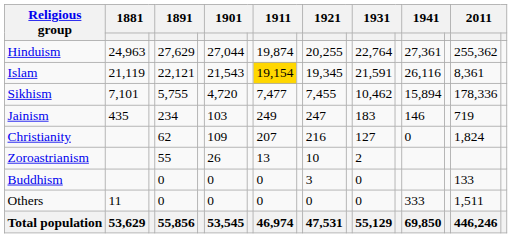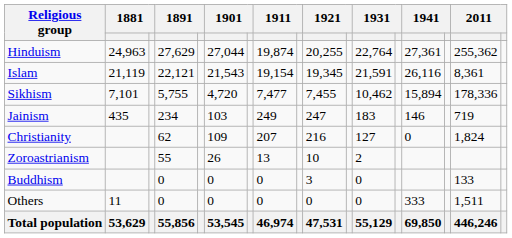 <table class="wikitable collapsible sortable">
 <tr>
 <th rowspan="2"><a href='#'>Religious</a><br>group</th>
 <th colspan="2">1881</th>
 <th colspan="2">1891</th>
 <th colspan="2">1901</th>
 <th colspan="2">1911</th>
 <th colspan="2">1921</th>
 <th colspan="2">1931</th>
 <th colspan="2">1941</th>
 <th colspan="2">2011</th>
 </tr>
 <tr>
 <th><a href='#'></a></th>
 <th></th>
 <th></th>
 <th></th>
 <th></th>
 <th></th>
 <th></th>
 <th></th>
 <th></th>
 <th></th>
 <th></th>
 <th></th>
 <th></th>
 <th></th>
 <th></th>
 <th></th>
 </tr>
 <tr>
 <td><a href='#'>Hinduism</a> </td>
 <td>24,963</td>
 <td></td>
 <td>27,629</td>
 <td></td>
 <td>27,044</td>
 <td></td>
 <td>19,874</td>
 <td></td>
 <td>20,255</td>
 <td></td>
 <td>22,764</td>
 <td></td>
 <td>27,361</td>
 <td></td>
 <td>255,362</td>
 <td></td>
 </tr>
 <tr>
 <td><a href='#'>Islam</a> </td>
 <td>21,119</td>
 <td></td>
 <td>22,121</td>
 <td></td>
 <td>21,543</td>
 <td></td>
-<td style="background: gold;">19,154</td>
+<td>19,154</td>
 <td></td>
 <td>19,345</td>
 <td></td>
 <td>21,591</td>
 <td></td>
 <td>26,116</td>
 <td></td>
 <td>8,361</td>
 <td></td>
 </tr>
 <tr>
 <td><a href='#'>Sikhism</a> </td>
 <td>7,101</td>
 <td></td>
 <td>5,755</td>
 <td></td>
 <td>4,720</td>
 <td></td>
 <td>7,477</td>
 <td></td>
 <td>7,455</td>
 <td></td>
 <td>10,462</td>
 <td></td>
 <td>15,894</td>
 <td></td>
 <td>178,336</td>
 <td></td>
 </tr>
 <tr>
 <td><a href='#'>Jainism</a> </td>
 <td>435</td>
 <td></td>
 <td>234</td>
 <td></td>
 <td>103</td>
 <td></td>
 <td>249</td>
 <td></td>
 <td>247</td>
 <td></td>
 <td>183</td>
 <td></td>
 <td>146</td>
 <td></td>
 <td>719</td>
 <td></td>
 </tr>
 <tr>
 <td><a href='#'>Christianity</a> </td>
 <td></td>
 <td></td>
 <td>62</td>
 <td></td>
 <td>109</td>
 <td></td>
 <td>207</td>
 <td></td>
 <td>216</td>
 <td></td>
 <td>127</td>
 <td></td>
 <td>0</td>
 <td></td>
 <td>1,824</td>
 <td></td>
 </tr>
 <tr>
 <td><a href='#'>Zoroastrianism</a> </td>
 <td></td>
 <td></td>
 <td>55</td>
 <td></td>
 <td>26</td>
 <td></td>
 <td>13</td>
 <td></td>
 <td>10</td>
 <td></td>
 <td>2</td>
 <td></td>
 <td></td>
 <td></td>
 <td></td>
 <td></td>
 </tr>
 <tr>
 <td><a href='#'>Buddhism</a> </td>
 <td></td>
 <td></td>
 <td>0</td>
 <td></td>
 <td>0</td>
 <td></td>
 <td>0</td>
 <td></td>
 <td>3</td>
 <td></td>
 <td>0</td>
 <td></td>
 <td></td>
 <td></td>
 <td>133</td>
 <td></td>
 </tr>
 <tr>
 <td>Others</td>
 <td>11</td>
 <td></td>
 <td>0</td>
 <td></td>
 <td>0</td>
 <td></td>
 <td>0</td>
 <td></td>
 <td>0</td>
 <td></td>
 <td>0</td>
 <td></td>
 <td>333</td>
 <td></td>
 <td>1,511</td>
 <td></td>
 </tr>
 <tr>
 <th>Total population</th>
 <th>53,629</th>
 <th></th>
 <th>55,856</th>
 <th></th>
 <th>53,545</th>
 <th></th>
 <th>46,974</th>
 <th></th>
 <th>47,531</th>
 <th></th>
 <th>55,129</th>
 <th></th>
 <th>69,850</th>
 <th></th>
 <th>446,246</th>
 <th></th>
 </tr>
 </table>
